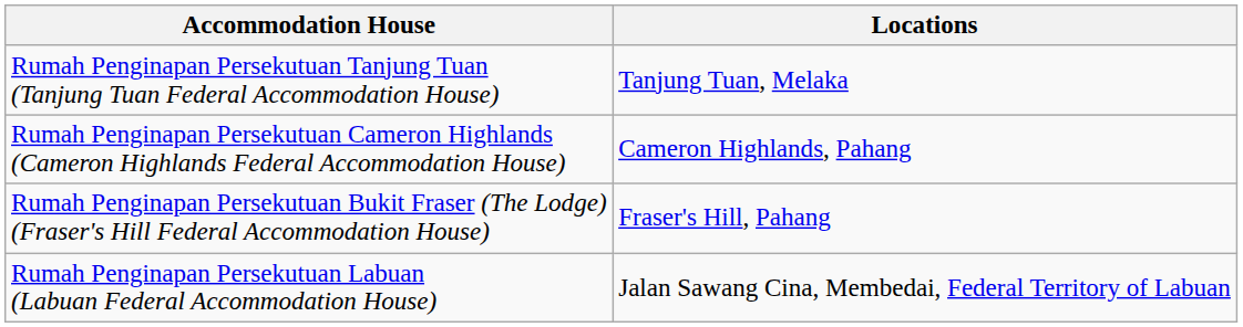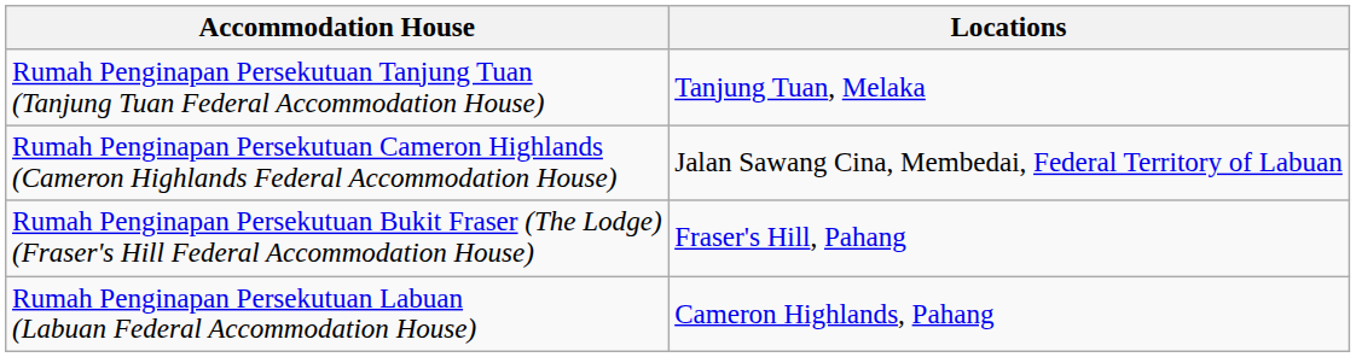 <table class="wikitable">
 <tr>
 <th>Accommodation House</th>
 <th>Locations</th>
 </tr>
 <tr>
 <td><a href='#'>Rumah Penginapan Persekutuan Tanjung Tuan</a><br><em>(Tanjung Tuan Federal Accommodation House)</em></td>
 <td><a href='#'>Tanjung Tuan</a>, <a href='#'>Melaka</a></td>
 </tr>
 <tr>
 <td><a href='#'>Rumah Penginapan Persekutuan Cameron Highlands</a><br><em>(Cameron Highlands Federal Accommodation House)</em></td>
-<td><a href='#'>Cameron Highlands</a>, <a href='#'>Pahang</a></td>
+<td>Jalan Sawang Cina, Membedai, <a href='#'>Federal Territory of Labuan</a></td>
 </tr>
 <tr>
 <td><a href='#'>Rumah Penginapan Persekutuan Bukit Fraser</a> <em>(The Lodge)</em><br><em>(Fraser's Hill Federal Accommodation House)</em></td>
 <td><a href='#'>Fraser's Hill</a>, <a href='#'>Pahang</a></td>
 </tr>
 <tr>
 <td><a href='#'>Rumah Penginapan Persekutuan Labuan</a><br><em>(Labuan Federal Accommodation House)</em></td>
-<td>Jalan Sawang Cina, Membedai, <a href='#'>Federal Territory of Labuan</a></td>
+<td><a href='#'>Cameron Highlands</a>, <a href='#'>Pahang</a></td>
 </tr>
 </table>
